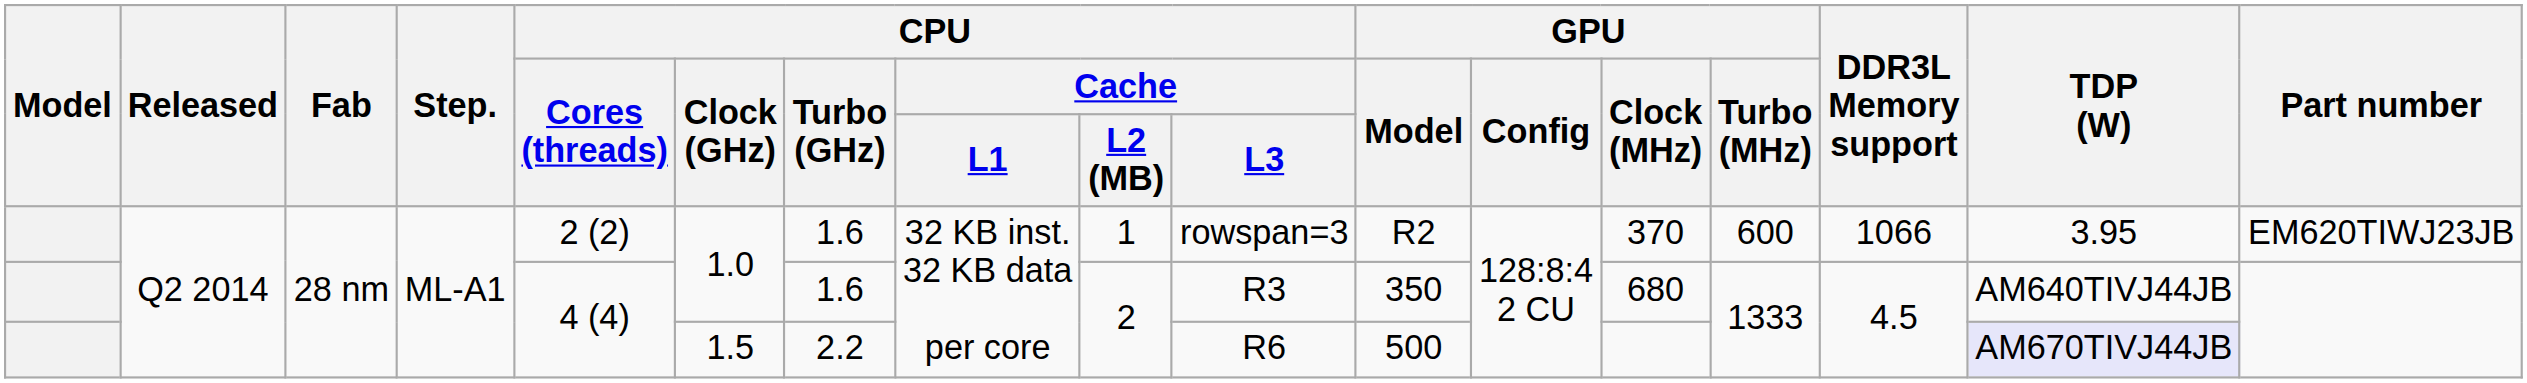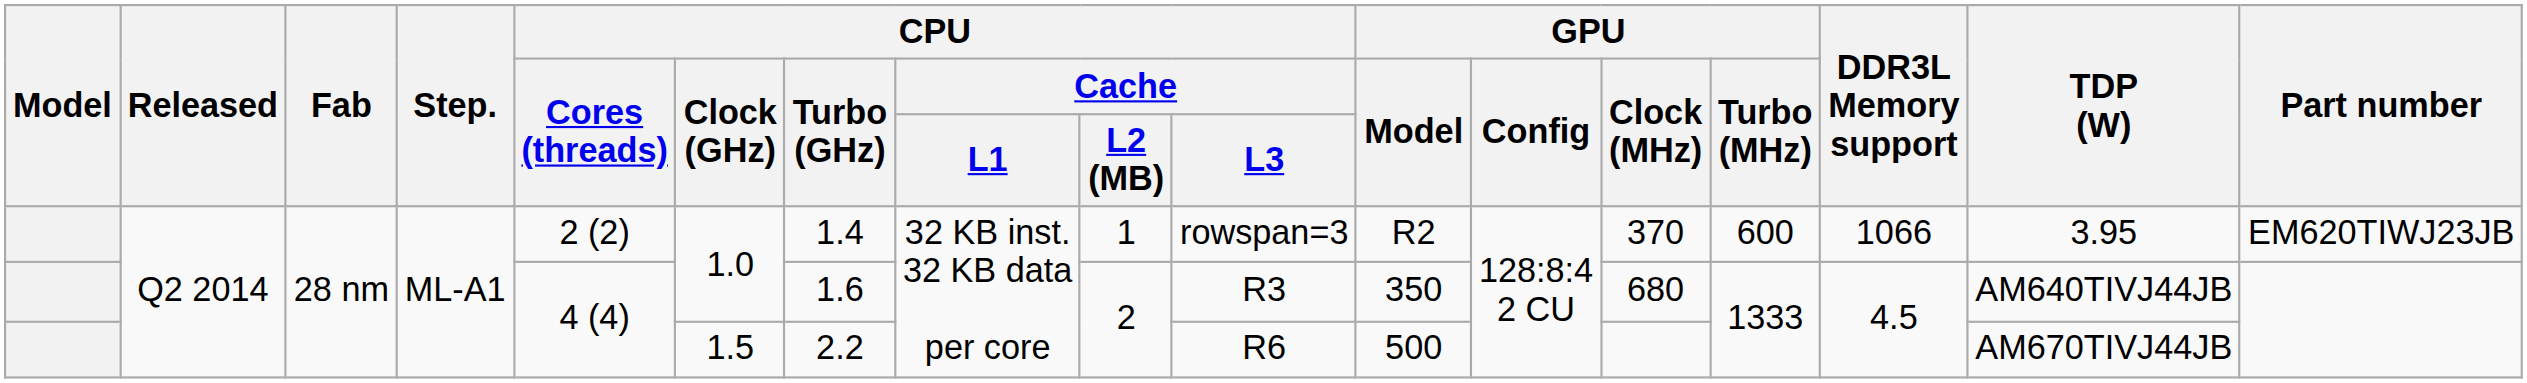 <table class="wikitable sortable sort-under" style="text-align: center">
 <tr>
 <th rowspan=3>Model</th>
 <th rowspan=3>Released</th>
 <th rowspan=3>Fab</th>
 <th rowspan=3>Step.</th>
 <th colspan=6>CPU</th>
 <th colspan=4>GPU</th>
 <th rowspan=3>DDR3L<br>Memory<br>support</th>
 <th rowspan=3>TDP<br>(W)</th>
 <th rowspan=3>Part number</th>
 </tr>
 <tr>
 <th rowspan=2><a href='#'>Cores</a><br><a href='#'>(threads)</a></th>
 <th rowspan=2>Clock<br>(GHz)</th>
 <th rowspan=2>Turbo<br>(GHz)</th>
 <th colspan=3><a href='#'>Cache</a></th>
 <th rowspan=2>Model</th>
 <th rowspan=2>Config</th>
 <th rowspan=2>Clock<br>(MHz)</th>
 <th rowspan=2>Turbo<br>(MHz)</th>
 </tr>
 <tr>
 <th><a href='#'>L1</a></th>
 <th><a href='#'>L2</a><br>(MB)</th>
 <th><a href='#'>L3</a></th>
 </tr>
 <tr>
 <th></th>
 <td rowspan=3>Q2 2014</td>
 <td rowspan=3>28 nm</td>
 <td rowspan=3>ML-A1</td>
 <td>2 (2)</td>
 <td rowspan=2>1.0</td>
-<td>1.6</td>
+<td>1.4</td>
 <td rowspan=3>32 KB inst.<br>32 KB data<br><br>per core</td>
 <td>1</td>
 <td>rowspan=3 </td>
 <td>R2</td>
 <td rowspan=3>128:8:4<br>2 CU</td>
 <td>370</td>
 <td>600</td>
 <td>1066</td>
 <td>3.95</td>
 <td>EM620TIWJ23JB</td>
 </tr>
 <tr>
 <th></th>
 <td rowspan=2>4 (4)</td>
 <td>1.6</td>
 <td rowspan=2>2</td>
 <td>R3</td>
 <td>350</td>
 <td>680</td>
 <td rowspan=2>1333</td>
 <td rowspan=2>4.5</td>
 <td>AM640TIVJ44JB</td>
 </tr>
 <tr>
 <th></th>
 <td>1.5</td>
 <td>2.2</td>
 <td>R6</td>
 <td>500</td>
 <td></td>
-<td style="background: lavender;">AM670TIVJ44JB</td>
+<td>AM670TIVJ44JB</td>
 </tr>
 </table>
